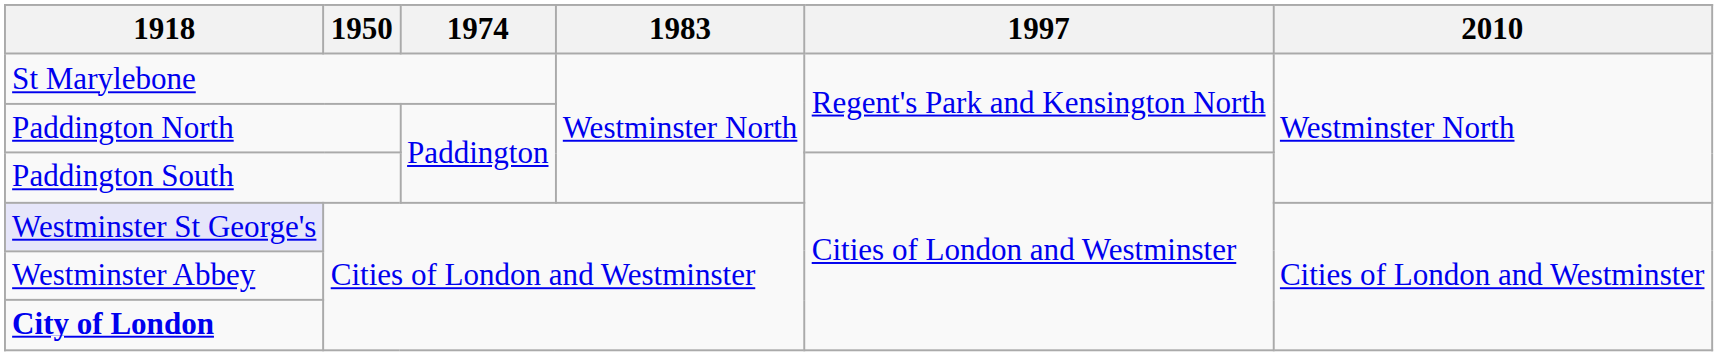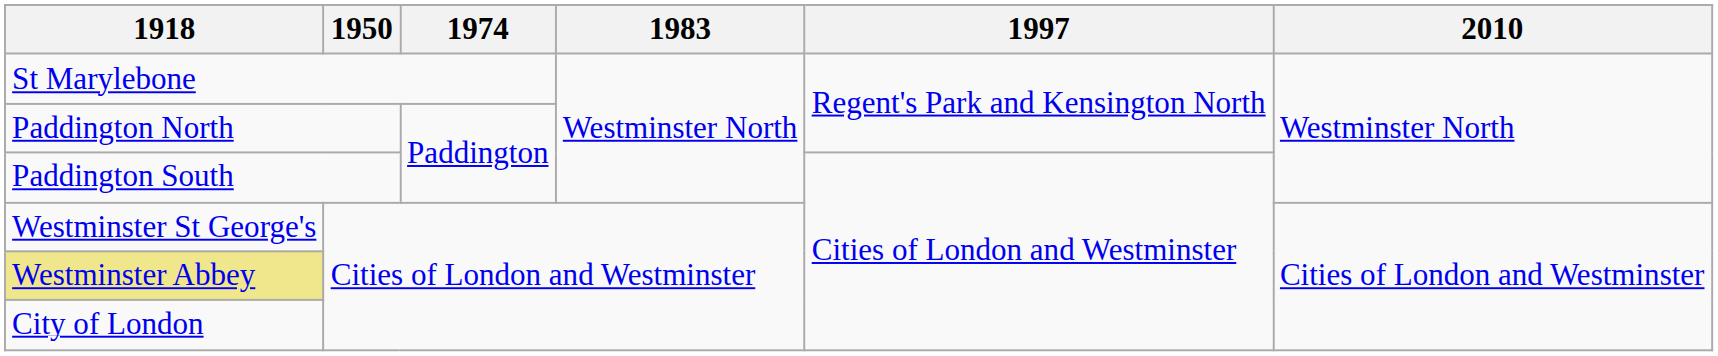 <table class="wikitable">
 <tr>
 <th>1918</th>
 <th>1950</th>
 <th>1974</th>
 <th>1983</th>
 <th>1997</th>
 <th>2010</th>
 </tr>
 <tr>
 <td rowspan=1 colspan=3><a href='#'>St Marylebone</a></td>
 <td rowspan=3><a href='#'>Westminster North</a></td>
 <td rowspan=2><a href='#'>Regent's Park and Kensington North</a></td>
 <td rowspan=3><a href='#'>Westminster North</a></td>
 </tr>
 <tr>
 <td colspan=2><a href='#'>Paddington North</a></td>
 <td rowspan=2><a href='#'>Paddington</a></td>
 </tr>
 <tr>
 <td colspan=2><a href='#'>Paddington South</a></td>
 <td rowspan=4><a href='#'>Cities of London and Westminster</a></td>
 </tr>
 <tr>
-<td style="background: lavender;"><a href='#'>Westminster St George's</a></td>
+<td><a href='#'>Westminster St George's</a></td>
 <td rowspan=3 colspan=3><a href='#'>Cities of London and Westminster</a></td>
 <td rowspan=3><a href='#'>Cities of London and Westminster</a></td>
 </tr>
 <tr>
-<td><a href='#'>Westminster Abbey</a></td>
+<td style="background: khaki;"><a href='#'>Westminster Abbey</a></td>
 </tr>
 <tr>
-<td><strong><a href='#'>City of London</a></strong></td>
+<td><a href='#'>City of London</a></td>
 </tr>
 </table>
